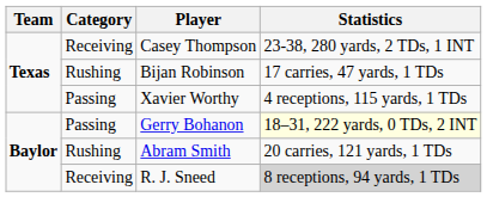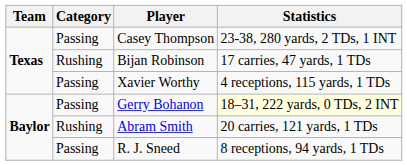 <table class="wikitable" style="float: right;">
 <tr>
 <th>Team</th>
 <th>Category</th>
 <th>Player</th>
 <th>Statistics</th>
 </tr>
 <tr>
 <td rowspan=3><strong>Texas</strong></td>
-<td>Receiving</td>
+<td>Passing</td>
 <td>Casey Thompson</td>
 <td>23-38, 280 yards, 2 TDs, 1 INT</td>
 </tr>
 <tr>
 <td>Rushing</td>
 <td>Bijan Robinson</td>
 <td>17 carries, 47 yards, 1 TDs</td>
 </tr>
 <tr>
 <td>Passing</td>
 <td>Xavier Worthy</td>
 <td>4 receptions, 115 yards, 1 TDs</td>
 </tr>
 <tr>
 <td rowspan=3><strong>Baylor</strong></td>
 <td>Passing</td>
 <td><a href='#'>Gerry Bohanon</a></td>
 <td style="background: lightyellow;">18–31, 222 yards, 0 TDs, 2 INT</td>
 </tr>
 <tr>
 <td>Rushing</td>
 <td><a href='#'>Abram Smith</a></td>
 <td>20 carries, 121 yards, 1 TDs</td>
 </tr>
 <tr>
-<td>Receiving</td>
+<td>Passing</td>
 <td>R. J. Sneed</td>
-<td style="background: lightgrey;">8 receptions, 94 yards, 1 TDs</td>
+<td>8 receptions, 94 yards, 1 TDs</td>
 </tr>
 </table>
